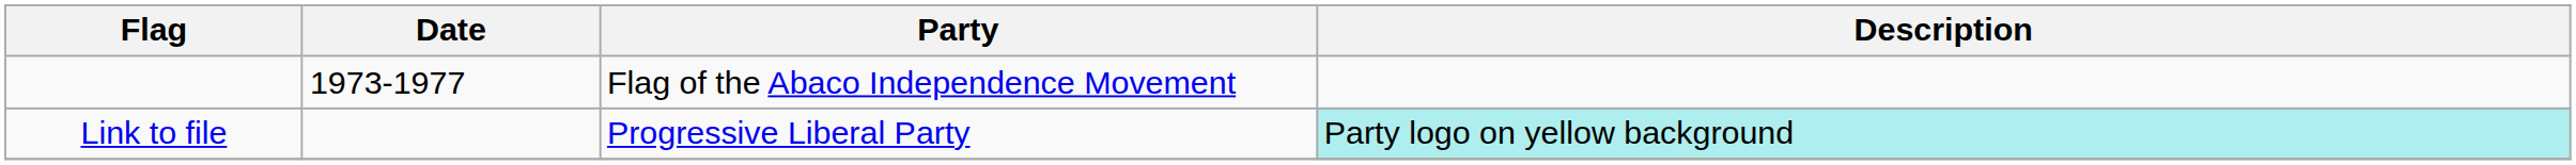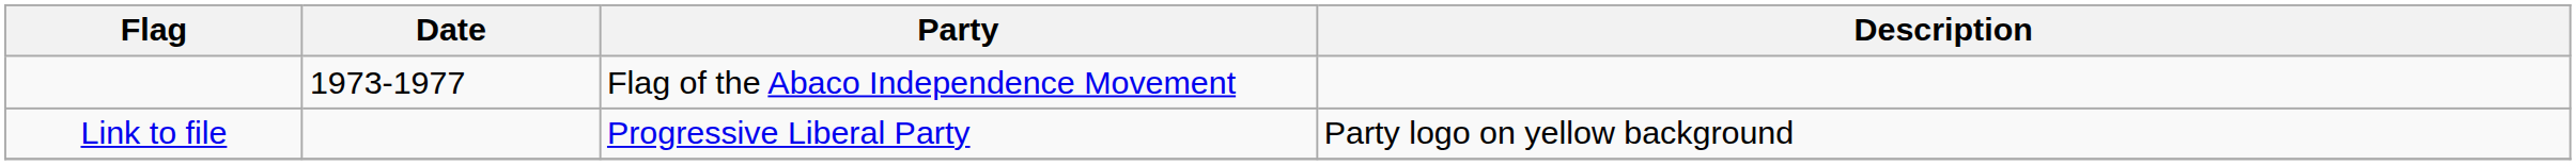 <table class="wikitable" style="width:100%">
 <tr>
 <th scope="col" style="width:120px;">Flag</th>
 <th scope="col" style="width:120px;">Date</th>
 <th scope="col" style="width:300px;">Party</th>
 <th scope="col" style="width:530px;">Description</th>
 </tr>
 <tr>
 <td></td>
 <td>1973-1977</td>
 <td>Flag of the <a href='#'>Abaco Independence Movement</a></td>
 <td></td>
 </tr>
 <tr>
 <td style="text-align:center;"><a href='#'>Link to file</a></td>
 <td></td>
 <td><a href='#'>Progressive Liberal Party</a></td>
-<td style="background: paleturquoise;">Party logo on yellow background</td>
+<td>Party logo on yellow background</td>
 </tr>
 <tr>
 </tr>
 </table>
